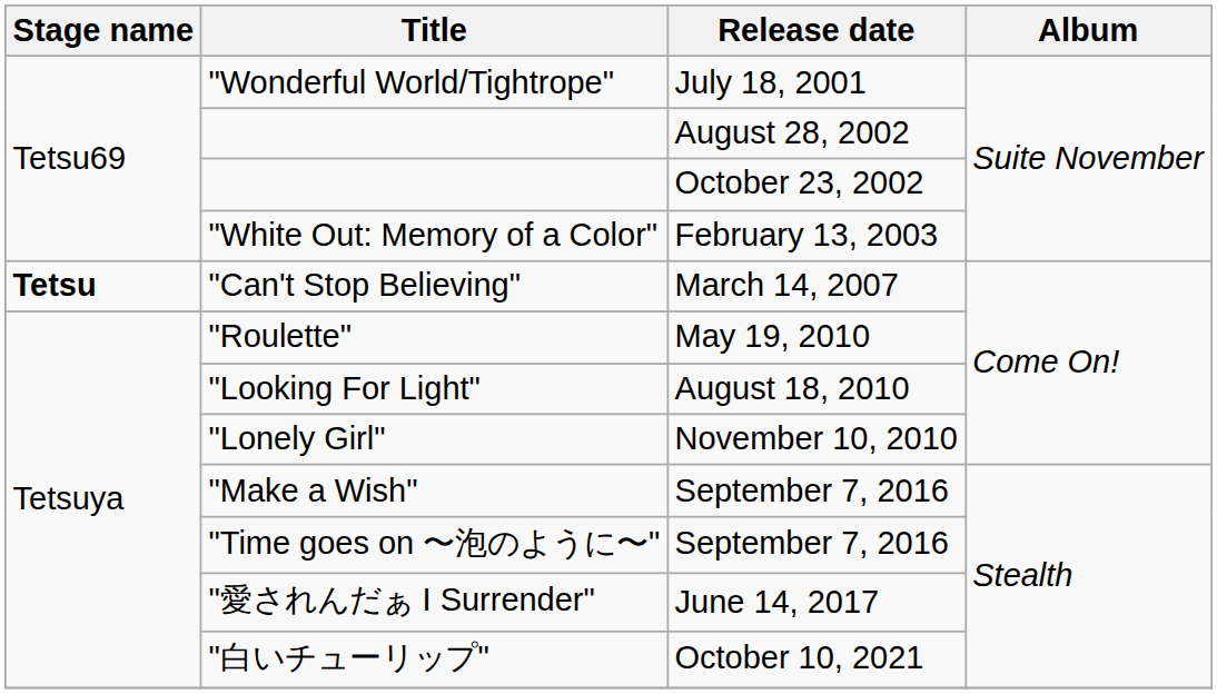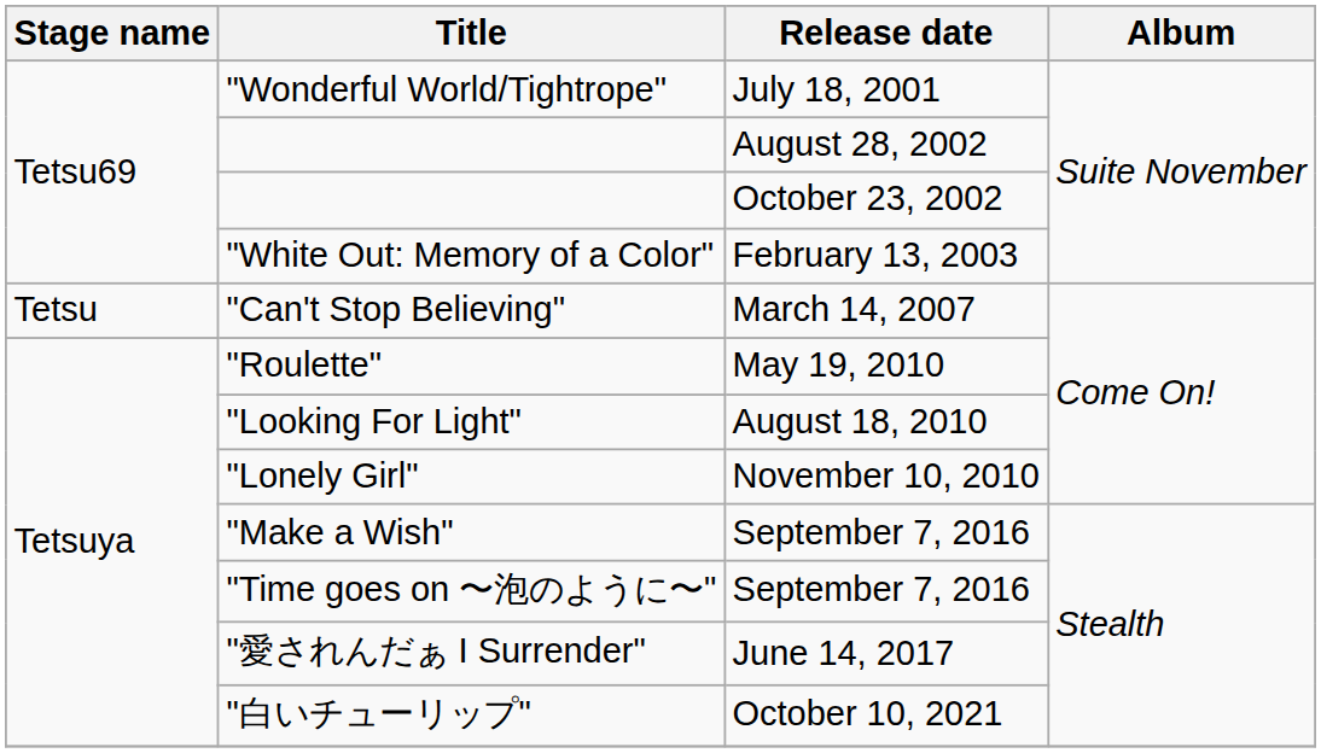 <table class="wikitable">
 <tr>
 <th>Stage name</th>
 <th>Title</th>
 <th>Release date</th>
 <th>Album</th>
 </tr>
 <tr>
 <td rowspan="4">Tetsu69</td>
 <td>"Wonderful World/Tightrope"</td>
 <td>July 18, 2001</td>
 <td rowspan="4"><em>Suite November</em></td>
 </tr>
 <tr>
 <td></td>
 <td>August 28, 2002</td>
 </tr>
 <tr>
 <td></td>
 <td>October 23, 2002</td>
 </tr>
 <tr>
 <td>"White Out: Memory of a Color"</td>
 <td>February 13, 2003</td>
 </tr>
 <tr>
-<td><strong>Tetsu</strong></td>
+<td>Tetsu</td>
 <td>"Can't Stop Believing"</td>
 <td>March 14, 2007</td>
 <td rowspan="4"><em>Come On!</em></td>
 </tr>
 <tr>
 <td rowspan="7">Tetsuya</td>
 <td>"Roulette"</td>
 <td>May 19, 2010</td>
 </tr>
 <tr>
 <td>"Looking For Light"</td>
 <td>August 18, 2010</td>
 </tr>
 <tr>
 <td>"Lonely Girl"</td>
 <td>November 10, 2010</td>
 </tr>
 <tr>
 <td>"Make a Wish"</td>
 <td>September 7, 2016</td>
 <td rowspan="4"><em>Stealth</em></td>
 </tr>
 <tr>
 <td>"Time goes on 〜泡のように〜"</td>
 <td>September 7, 2016</td>
 </tr>
 <tr>
 <td>"愛されんだぁ I Surrender"</td>
 <td>June 14, 2017</td>
 </tr>
 <tr>
 <td>"白いチューリップ"</td>
 <td>October 10, 2021</td>
 </tr>
 <tr>
 </tr>
 </table>
